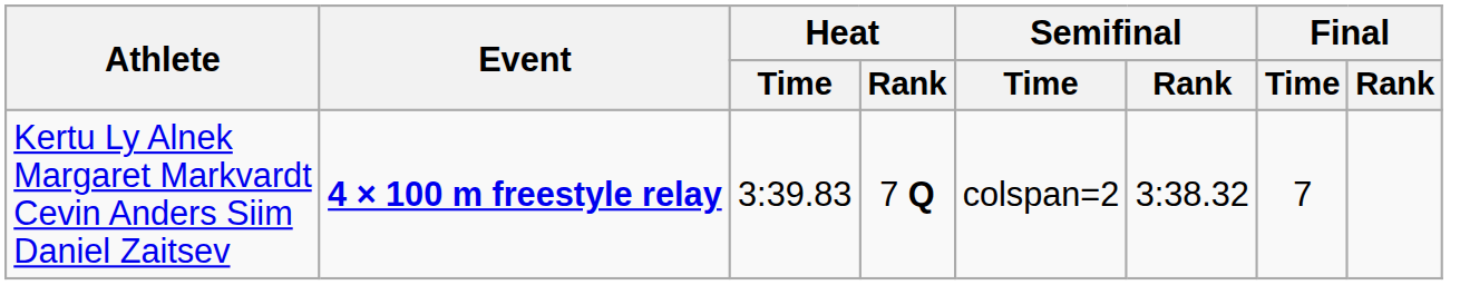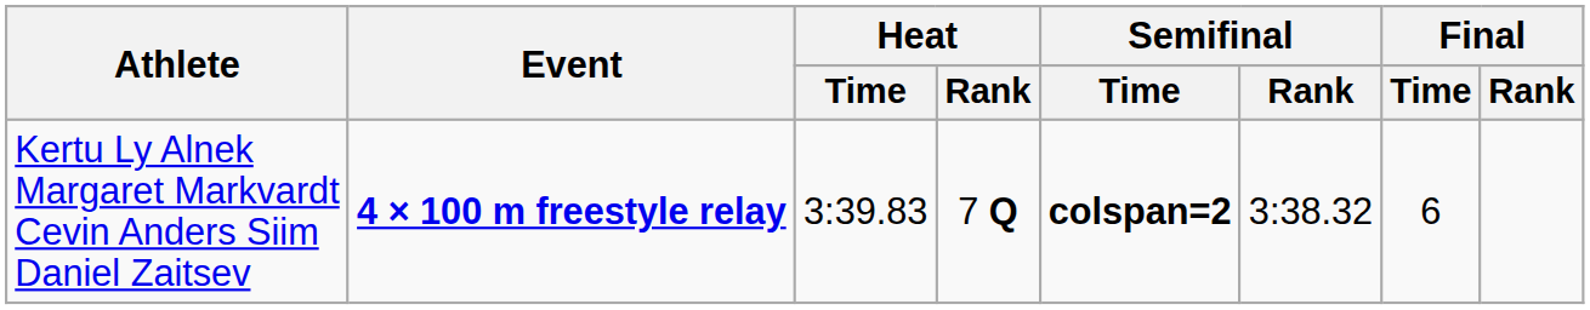 <table class="wikitable" style="font-size:90%">
 <tr>
 <th rowspan=2>Athlete</th>
 <th rowspan=2>Event</th>
 <th colspan=2>Heat</th>
 <th colspan=2>Semifinal</th>
 <th colspan=2>Final</th>
 </tr>
 <tr style="font-size:95%">
 <th>Time</th>
 <th>Rank</th>
 <th>Time</th>
 <th>Rank</th>
 <th>Time</th>
 <th>Rank</th>
 </tr>
 <tr align=center>
 <td align=left><a href='#'>Kertu Ly Alnek</a><br><a href='#'>Margaret Markvardt</a><br><a href='#'>Cevin Anders Siim</a><br><a href='#'>Daniel Zaitsev</a></td>
 <td align=left><strong><a href='#'>4 × 100 m freestyle relay</a></strong></td>
 <td>3:39.83</td>
 <td>7 <strong>Q</strong></td>
-<td>colspan=2 </td>
+<td><strong>colspan=2 </strong></td>
 <td>3:38.32</td>
-<td>7</td>
+<td>6</td>
 </tr>
 </table>
